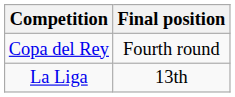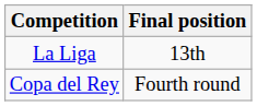 <table class="wikitable" style="font-size:100%; text-align:center">
 <tr>
 <th>Competition</th>
 <th>Final position</th>
 </tr>
 <tr style="background:">
+<td><a href='#'>La Liga</a></td>
+<td>13th</td>
+</tr>
+<tr style="background:">
 <td><a href='#'>Copa del Rey</a></td>
 <td>Fourth round</td>
 </tr>
-<tr style="background:">
-<td><a href='#'>La Liga</a></td>
-<td>13th</td>
-</tr>
 </table>
